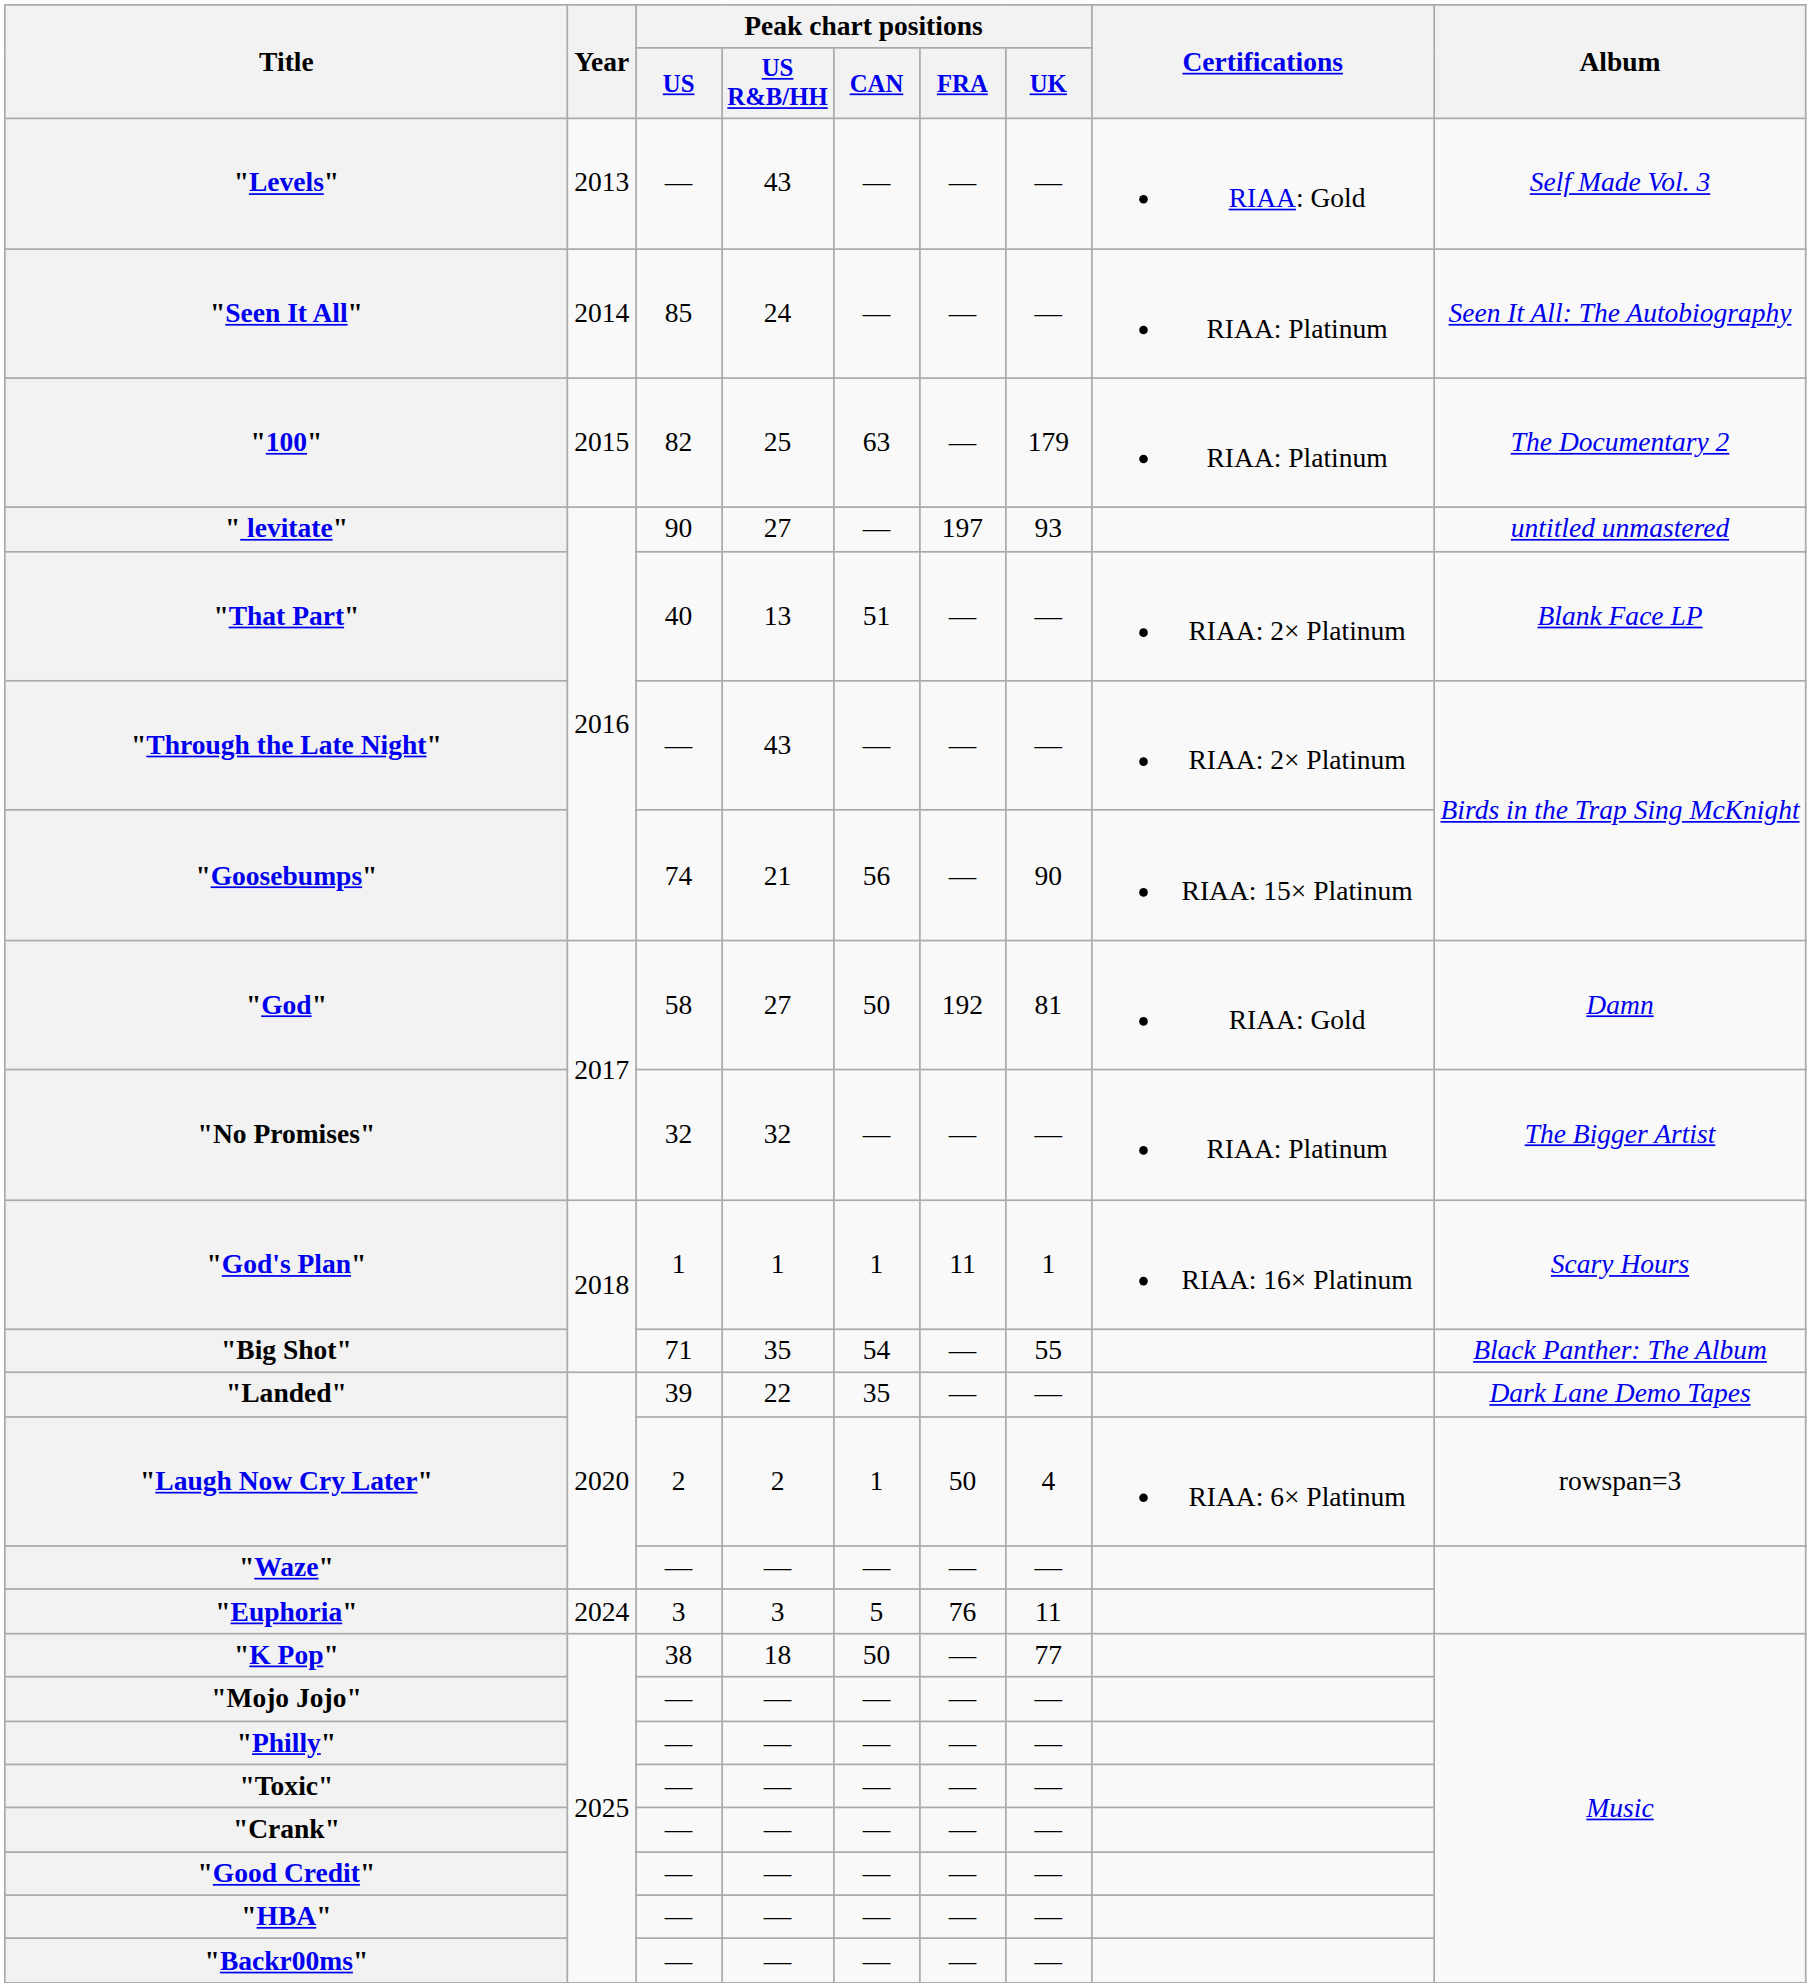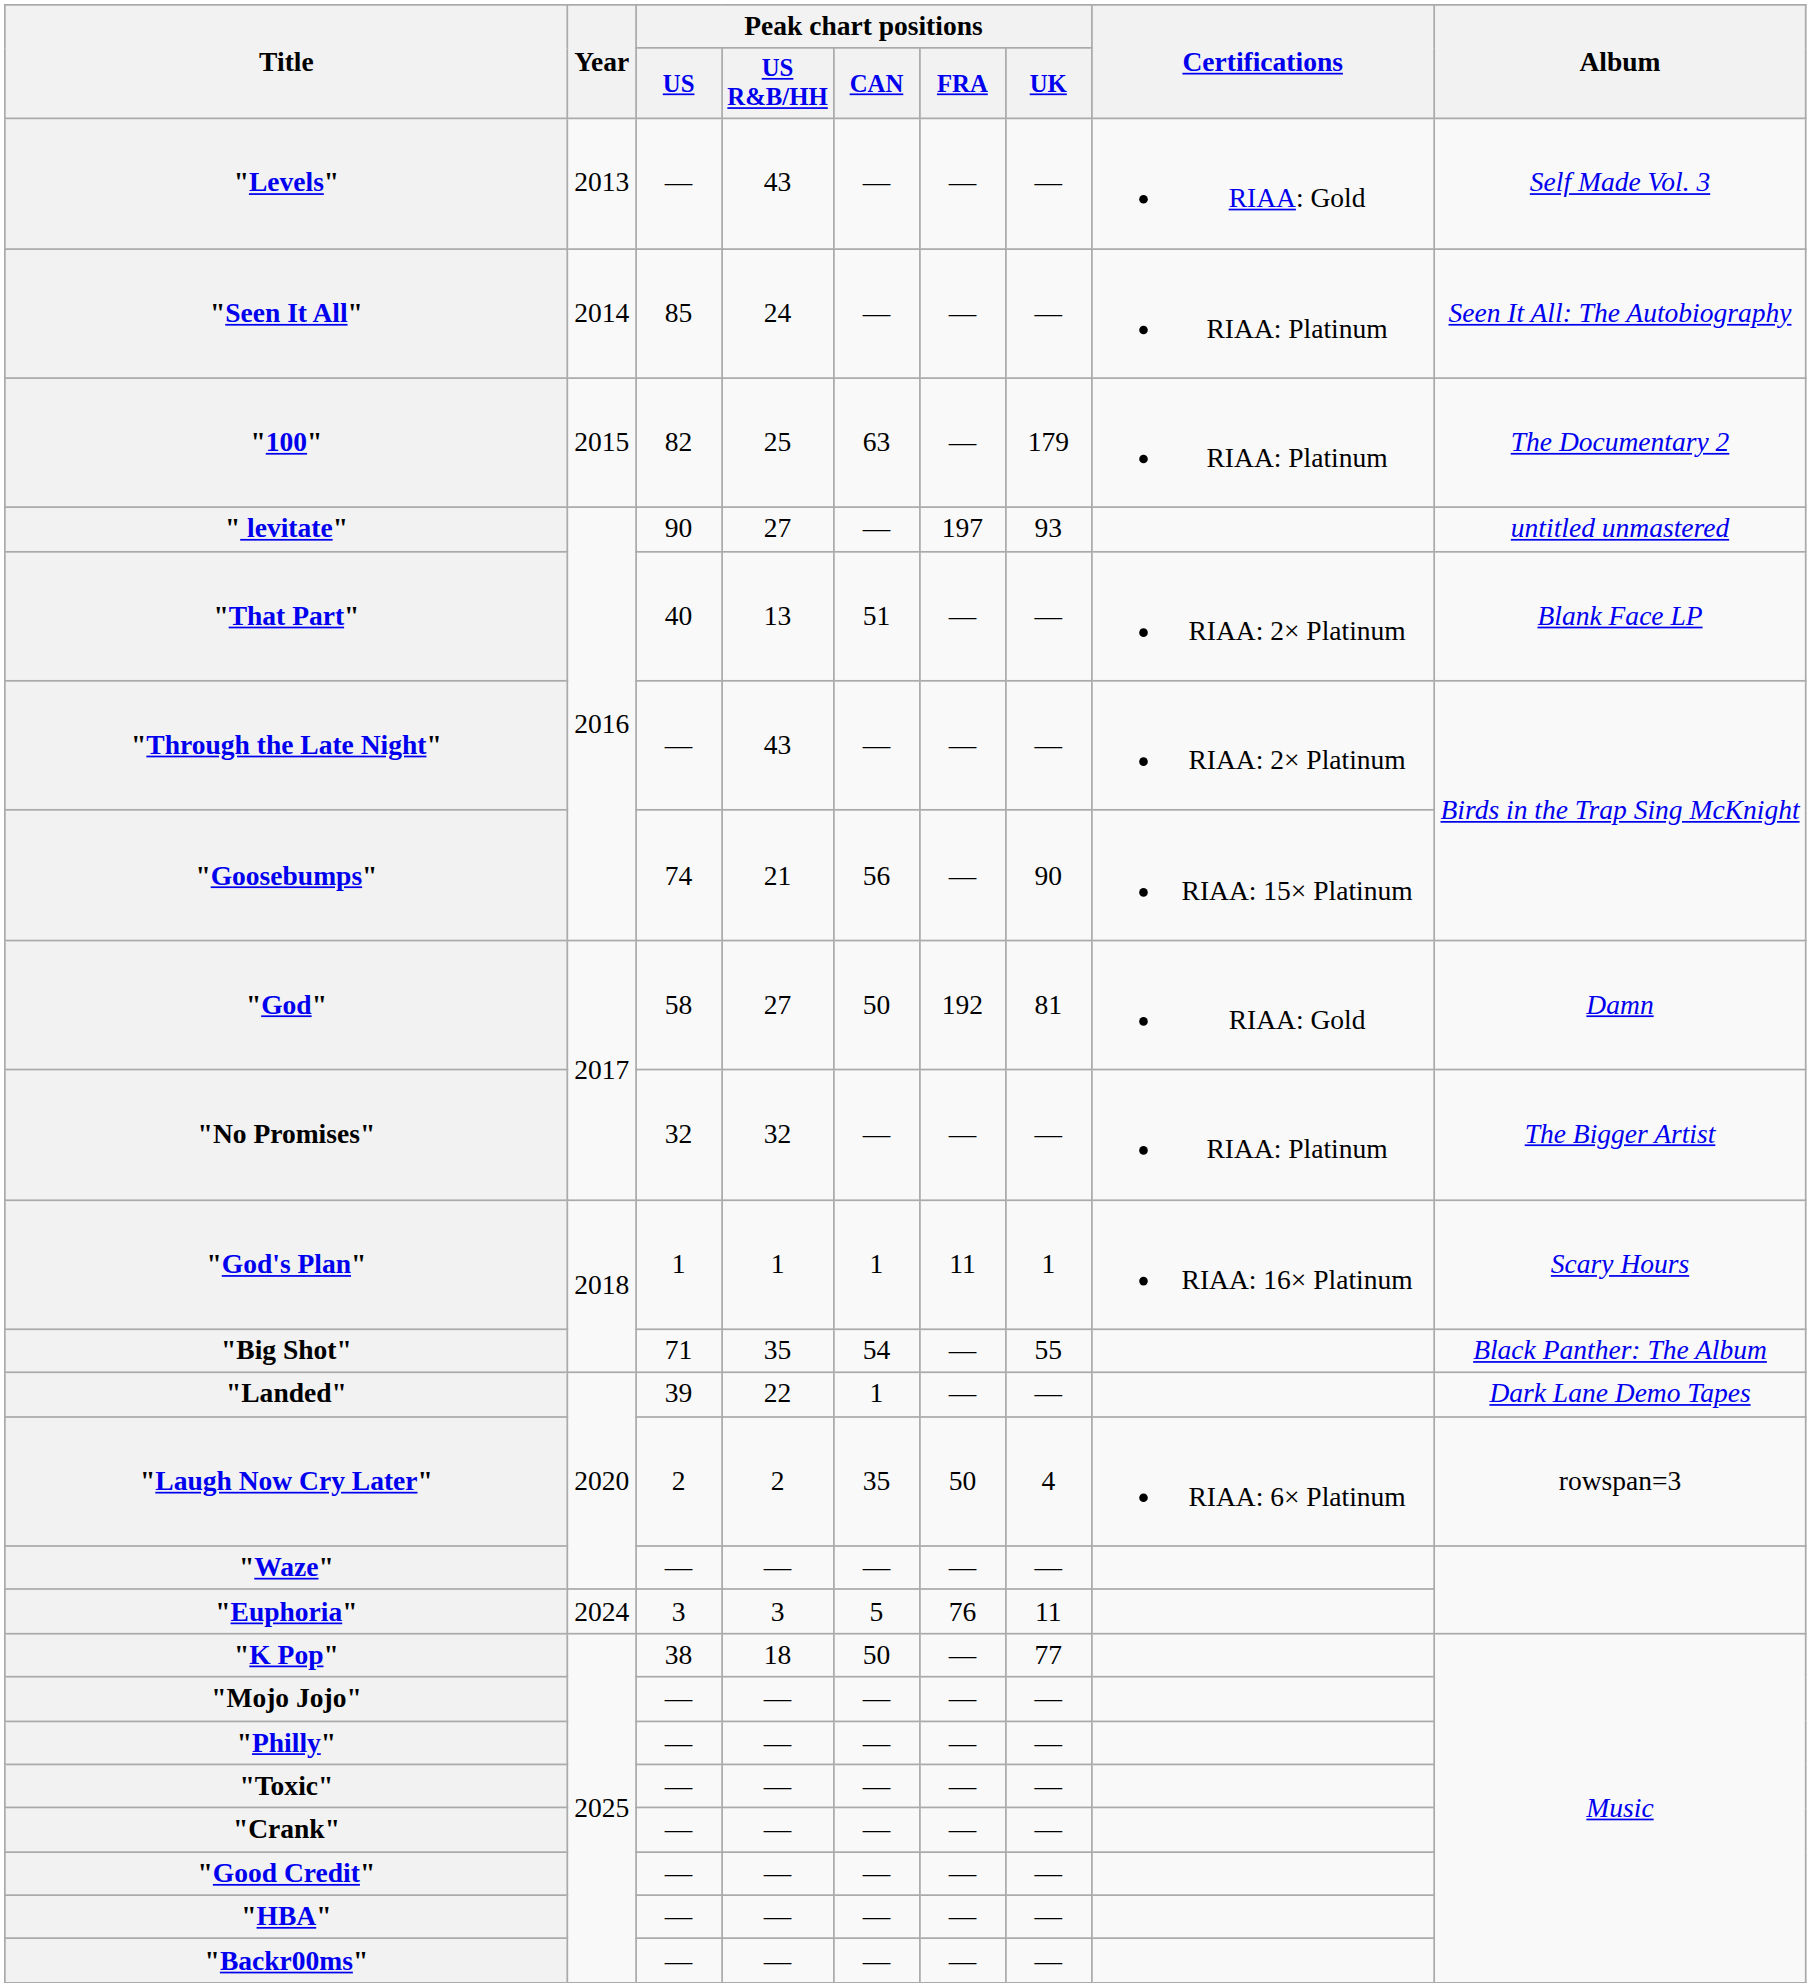 <table class="wikitable plainrowheaders" style="text-align:center;">
 <tr>
 <th rowspan="2" scope="col" style="width:20em;">Title</th>
 <th rowspan="2" scope="col">Year</th>
 <th colspan="5" scope="col">Peak chart positions</th>
 <th rowspan="2" scope="col" style="width:12em;"><a href='#'>Certifications</a></th>
 <th rowspan="2" scope="col">Album</th>
 </tr>
 <tr>
 <th scope="col" style="width:3em;font-size:90%;"><a href='#'>US</a></th>
 <th scope="col" style="width:3em;font-size:90%;"><a href='#'>US R&B/HH</a></th>
 <th scope="col" style="width:3em;font-size:90%;"><a href='#'>CAN</a></th>
 <th scope="col" style="width:3em;font-size:90%;"><a href='#'>FRA</a></th>
 <th scope="col" style="width:3em;font-size:90%;"><a href='#'>UK</a></th>
 </tr>
 <tr>
 <th scope="row">"<a href='#'>Levels</a>"<br></th>
 <td rowspan="1">2013</td>
 <td>—</td>
 <td>43</td>
 <td>—</td>
 <td>—</td>
 <td>—</td>
 <td><br><ul><li><a href='#'>RIAA</a>: Gold</li></ul></td>
 <td><em><a href='#'>Self Made Vol. 3</a></em></td>
 </tr>
 <tr>
 <th scope="row">"<a href='#'>Seen It All</a>"<br></th>
 <td rowspan="1">2014</td>
 <td>85</td>
 <td>24</td>
 <td>—</td>
 <td>—</td>
 <td>—</td>
 <td><br><ul><li>RIAA: Platinum</li></ul></td>
 <td><em><a href='#'>Seen It All: The Autobiography</a></em></td>
 </tr>
 <tr>
 <th scope="row">"<a href='#'>100</a>"<br></th>
 <td>2015</td>
 <td>82</td>
 <td>25</td>
 <td>63</td>
 <td>—</td>
 <td>179</td>
 <td><br><ul><li>RIAA: Platinum</li></ul></td>
 <td><em><a href='#'>The Documentary 2</a></em></td>
 </tr>
 <tr>
 <th scope="row">"<a href='#'> levitate</a>"<br></th>
 <td rowspan="4">2016</td>
 <td>90</td>
 <td>27</td>
 <td>—</td>
 <td>197</td>
 <td>93</td>
 <td></td>
 <td><em><a href='#'>untitled unmastered</a></em></td>
 </tr>
 <tr>
 <th scope="row">"<a href='#'>That Part</a>"<br></th>
 <td>40</td>
 <td>13</td>
 <td>51</td>
 <td>—</td>
 <td>—</td>
 <td><br><ul><li>RIAA: 2× Platinum</li></ul></td>
 <td><em><a href='#'>Blank Face LP</a></em></td>
 </tr>
 <tr>
 <th scope="row">"<a href='#'>Through the Late Night</a>"<br></th>
 <td>—</td>
 <td>43</td>
 <td>—</td>
 <td>—</td>
 <td>—</td>
 <td><br><ul><li>RIAA: 2× Platinum</li></ul></td>
 <td rowspan="2"><em><a href='#'>Birds in the Trap Sing McKnight</a></em></td>
 </tr>
 <tr>
 <th scope="row">"<a href='#'>Goosebumps</a>"<br></th>
 <td>74</td>
 <td>21</td>
 <td>56</td>
 <td>—</td>
 <td>90</td>
 <td><br><ul><li>RIAA: 15× Platinum</li></ul></td>
 </tr>
 <tr>
 <th scope="row">"<a href='#'>God</a>"<br></th>
 <td rowspan="2">2017</td>
 <td>58</td>
 <td>27</td>
 <td>50</td>
 <td>192</td>
 <td>81</td>
 <td><br><ul><li>RIAA: Gold</li></ul></td>
 <td><em><a href='#'>Damn</a></em></td>
 </tr>
 <tr>
 <th scope="row">"No Promises"<br></th>
 <td>32</td>
 <td>32</td>
 <td>—</td>
 <td>—</td>
 <td>—</td>
 <td><br><ul><li>RIAA: Platinum</li></ul></td>
 <td><em><a href='#'>The Bigger Artist</a></em></td>
 </tr>
 <tr>
 <th scope="row">"<a href='#'>God's Plan</a>"<br></th>
 <td rowspan="2">2018</td>
 <td>1</td>
 <td>1</td>
 <td>1</td>
 <td>11</td>
 <td>1</td>
 <td><br><ul><li>RIAA: 16× Platinum</li></ul></td>
 <td><em><a href='#'>Scary Hours</a></em></td>
 </tr>
 <tr>
 <th scope="row">"Big Shot"<br></th>
 <td>71</td>
 <td>35</td>
 <td>54</td>
 <td>—</td>
 <td>55</td>
 <td></td>
 <td><em><a href='#'>Black Panther: The Album</a></em></td>
 </tr>
 <tr>
 <th scope="row">"Landed"<br></th>
 <td rowspan="3">2020</td>
 <td>39</td>
 <td>22</td>
-<td>35</td>
+<td>1</td>
 <td>—</td>
 <td>—</td>
 <td></td>
 <td><em><a href='#'>Dark Lane Demo Tapes</a></em></td>
 </tr>
 <tr>
 <th scope="row">"<a href='#'>Laugh Now Cry Later</a>"<br></th>
 <td>2</td>
 <td>2</td>
-<td>1</td>
+<td>35</td>
 <td>50</td>
 <td>4</td>
 <td><br><ul><li>RIAA: 6× Platinum</li></ul></td>
 <td>rowspan=3 </td>
 </tr>
 <tr>
 <th scope="row">"<a href='#'>Waze</a>"<br></th>
 <td>—</td>
 <td>—</td>
 <td>—</td>
 <td>—</td>
 <td>—</td>
 <td></td>
 </tr>
 <tr>
 <th scope="row">"<a href='#'>Euphoria</a>"<br></th>
 <td>2024</td>
 <td>3</td>
 <td>3</td>
 <td>5</td>
 <td>76</td>
 <td>11</td>
 <td></td>
 </tr>
 <tr>
 <th scope="row">"<a href='#'>K Pop</a>"<br></th>
 <td rowspan="8">2025</td>
 <td>38</td>
 <td>18</td>
 <td>50</td>
 <td>—</td>
 <td>77</td>
 <td></td>
 <td rowspan="8"><em><a href='#'>Music</a></em></td>
 </tr>
 <tr>
 <th scope="row">"Mojo Jojo"<br></th>
 <td>—</td>
 <td>—</td>
 <td>—</td>
 <td>—</td>
 <td>—</td>
 <td></td>
 </tr>
 <tr>
 <th scope="row">"<a href='#'>Philly</a>"<br></th>
 <td>—</td>
 <td>—</td>
 <td>—</td>
 <td>—</td>
 <td>—</td>
 <td></td>
 </tr>
 <tr>
 <th scope="row">"Toxic"<br></th>
 <td>—</td>
 <td>—</td>
 <td>—</td>
 <td>—</td>
 <td>—</td>
 <td></td>
 </tr>
 <tr>
 <th scope="row">"Crank"<br></th>
 <td>—</td>
 <td>—</td>
 <td>—</td>
 <td>—</td>
 <td>—</td>
 <td></td>
 </tr>
 <tr>
 <th scope="row">"<a href='#'>Good Credit</a>"<br></th>
 <td>—</td>
 <td>—</td>
 <td>—</td>
 <td>—</td>
 <td>—</td>
 <td></td>
 </tr>
 <tr>
 <th scope="row">"<a href='#'>HBA</a>"<br></th>
 <td>—</td>
 <td>—</td>
 <td>—</td>
 <td>—</td>
 <td>—</td>
 <td></td>
 </tr>
 <tr>
 <th scope="row">"<a href='#'>Backr00ms</a>"<br></th>
 <td>—</td>
 <td>—</td>
 <td>—</td>
 <td>—</td>
 <td>—</td>
 <td></td>
 </tr>
 </table>
